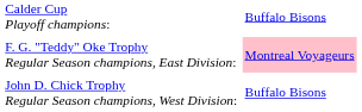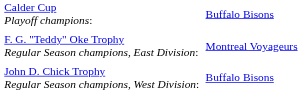 <table cellpadding="3" cellspacing="3">
 <tr>
 <td><a href='#'>Calder Cup</a><br><em>Playoff champions</em>:</td>
 <td><a href='#'>Buffalo Bisons</a></td>
 </tr>
 <tr>
 <td><a href='#'>F. G. "Teddy" Oke Trophy</a><br><em>Regular Season champions, East Division</em>:</td>
-<td style="background: pink;"><a href='#'>Montreal Voyageurs</a></td>
+<td><a href='#'>Montreal Voyageurs</a></td>
 </tr>
 <tr>
 <td><a href='#'>John D. Chick Trophy</a><br><em>Regular Season champions, West Division</em>:</td>
 <td><a href='#'>Buffalo Bisons</a></td>
 </tr>
 </table>
